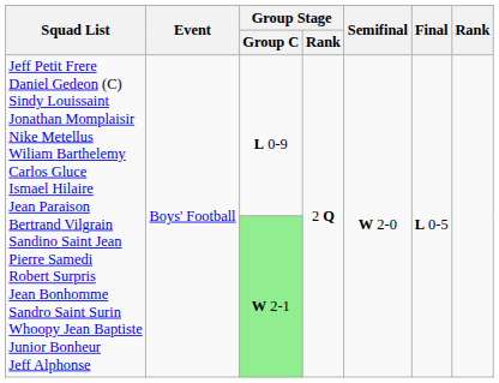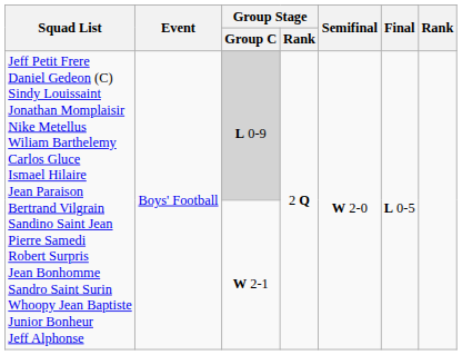 <table class=wikitable style="font-size:90%">
 <tr>
 <th rowspan=2>Squad List</th>
 <th rowspan=2>Event</th>
 <th colspan=2>Group Stage</th>
 <th rowspan=2>Semifinal</th>
 <th rowspan=2>Final</th>
 <th rowspan=2>Rank</th>
 </tr>
 <tr>
 <th>Group C</th>
 <th>Rank</th>
 </tr>
 <tr>
 <td rowspan=2><a href='#'>Jeff Petit Frere</a><br><a href='#'>Daniel Gedeon</a> (C)<br><a href='#'>Sindy Louissaint</a><br><a href='#'>Jonathan Momplaisir</a><br><a href='#'>Nike Metellus</a><br><a href='#'>Wiliam Barthelemy</a><br><a href='#'>Carlos Gluce</a><br><a href='#'>Ismael Hilaire</a><br><a href='#'>Jean Paraison</a><br><a href='#'>Bertrand Vilgrain</a><br><a href='#'>Sandino Saint Jean</a><br><a href='#'>Pierre Samedi</a><br><a href='#'>Robert Surpris</a><br><a href='#'>Jean Bonhomme</a><br><a href='#'>Sandro Saint Surin</a><br><a href='#'>Whoopy Jean Baptiste</a><br><a href='#'>Junior Bonheur</a><br><a href='#'>Jeff Alphonse</a></td>
 <td rowspan=2><a href='#'>Boys' Football</a></td>
-<td align=center><br> <strong>L</strong> 0-9</td>
+<td align=center style="background: lightgrey;"><br> <strong>L</strong> 0-9</td>
 <td rowspan=2 align=center>2 <strong>Q</strong></td>
 <td rowspan=2 align=center><br> <strong>W</strong> 2-0</td>
 <td rowspan=2 align=center><br> <strong>L</strong> 0-5</td>
 <td rowspan=2 align=center></td>
 </tr>
 <tr>
-<td align=center style="background: lightgreen;"><br> <strong>W</strong> 2-1</td>
+<td align=center><br> <strong>W</strong> 2-1</td>
 </tr>
 </table>
